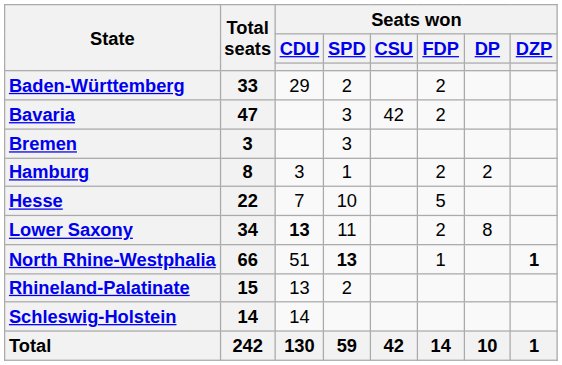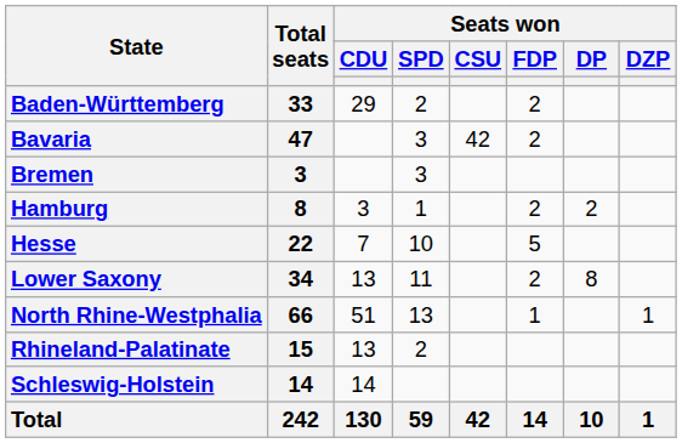 <table class="wikitable" style="text-align:center; font-size: 0.9em;">
 <tr>
 <th rowspan="3">State</th>
 <th rowspan="3">Total<br>seats</th>
 <th colspan="6">Seats won</th>
 </tr>
 <tr>
 <th class="unsortable" style="width:30px;"><a href='#'>CDU</a></th>
 <th class="unsortable" style="width:30px;"><a href='#'>SPD</a></th>
 <th class="unsortable" style="width:30px;"><a href='#'>CSU</a></th>
 <th class="unsortable" style="width:30px;"><a href='#'>FDP</a></th>
 <th class="unsortable" style="width:30px;"><a href='#'>DP</a></th>
 <th class="unsortable" style="width:30px;"><a href='#'>DZP</a></th>
 </tr>
 <tr>
 <th style="background:"></th>
 <th style="background:"></th>
 <th style="background:"></th>
 <th style="background:"></th>
 <th style="background:"></th>
 <th style="background:"></th>
 </tr>
 <tr>
 <th style="text-align: left;"><a href='#'>Baden-Württemberg</a></th>
 <th>33</th>
 <td>29</td>
 <td>2</td>
 <td></td>
 <td>2</td>
 <td></td>
 <td></td>
 </tr>
 <tr>
 <th style="text-align: left;"><a href='#'>Bavaria</a></th>
 <th>47</th>
 <td></td>
 <td>3</td>
 <td>42</td>
 <td>2</td>
 <td></td>
 <td></td>
 </tr>
 <tr>
 <th style="text-align: left;"><a href='#'>Bremen</a></th>
 <th>3</th>
 <td></td>
 <td>3</td>
 <td></td>
 <td></td>
 <td></td>
 <td></td>
 </tr>
 <tr>
 <th style="text-align: left;"><a href='#'>Hamburg</a></th>
 <th>8</th>
 <td>3</td>
 <td>1</td>
 <td></td>
 <td>2</td>
 <td>2</td>
 <td></td>
 </tr>
 <tr>
 <th style="text-align: left;"><a href='#'>Hesse</a></th>
 <th>22</th>
 <td>7</td>
 <td>10</td>
 <td></td>
 <td>5</td>
 <td></td>
 <td></td>
 </tr>
 <tr>
 <th style="text-align: left;"><a href='#'>Lower Saxony</a></th>
 <th>34</th>
-<td><strong>13</strong></td>
+<td>13</td>
 <td>11</td>
 <td></td>
 <td>2</td>
 <td>8</td>
 <td></td>
 </tr>
 <tr>
 <th style="text-align: left;"><a href='#'>North Rhine-Westphalia</a></th>
 <th>66</th>
 <td>51</td>
-<td><strong>13</strong></td>
+<td>13</td>
 <td></td>
 <td>1</td>
 <td></td>
-<td><strong>1</strong></td>
+<td>1</td>
 </tr>
 <tr>
 <th style="text-align: left;"><a href='#'>Rhineland-Palatinate</a></th>
 <th>15</th>
 <td>13</td>
 <td>2</td>
 <td></td>
 <td></td>
 <td></td>
 <td></td>
 </tr>
 <tr>
 <th style="text-align: left;"><a href='#'>Schleswig-Holstein</a></th>
 <th>14</th>
 <td>14</td>
 <td></td>
 <td></td>
 <td></td>
 <td></td>
 <td></td>
 </tr>
 <tr class="sortbottom">
 <th style="text-align: left;">Total</th>
 <th>242</th>
 <th>130</th>
 <th>59</th>
 <th>42</th>
 <th>14</th>
 <th>10</th>
 <th>1</th>
 </tr>
 </table>
